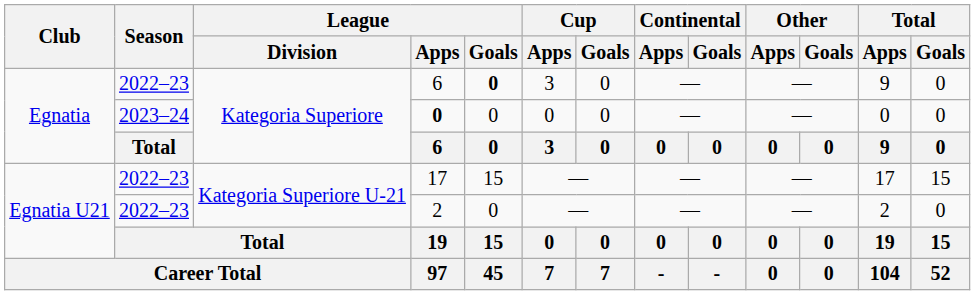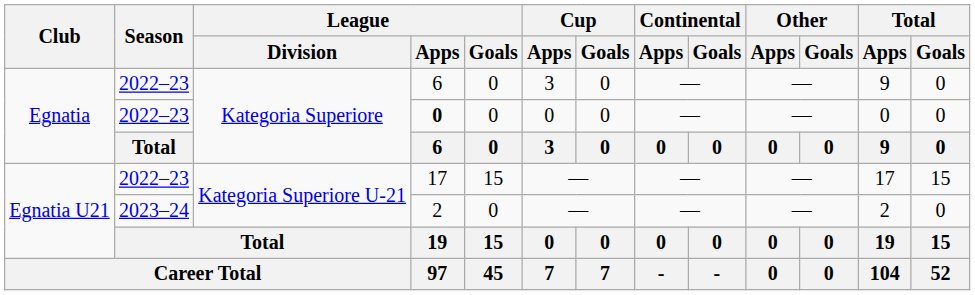 <table class="wikitable" style="text-align:center">
 <tr>
 <th rowspan="2">Club</th>
 <th rowspan="2">Season</th>
 <th colspan="3">League</th>
 <th colspan="2">Cup</th>
 <th colspan="2">Continental</th>
 <th colspan="2">Other</th>
 <th colspan="2">Total</th>
 </tr>
 <tr>
 <th>Division</th>
 <th>Apps</th>
 <th>Goals</th>
 <th>Apps</th>
 <th>Goals</th>
 <th>Apps</th>
 <th>Goals</th>
 <th>Apps</th>
 <th>Goals</th>
 <th>Apps</th>
 <th>Goals</th>
 </tr>
 <tr>
 <td rowspan="3"><a href='#'>Egnatia</a></td>
 <td><a href='#'>2022–23</a></td>
 <td rowspan="3"><a href='#'>Kategoria Superiore</a></td>
 <td>6</td>
-<td><strong>0</strong></td>
+<td>0</td>
 <td>3</td>
 <td>0</td>
 <td colspan="2">—</td>
 <td colspan="2">—</td>
 <td>9</td>
 <td>0</td>
 </tr>
 <tr>
-<td><a href='#'>2023–24</a></td>
+<td><a href='#'>2022–23</a></td>
 <td><strong>0</strong></td>
 <td>0</td>
 <td>0</td>
 <td>0</td>
 <td colspan="2">—</td>
 <td colspan="2">—</td>
 <td>0</td>
 <td>0</td>
 </tr>
 <tr>
 <th>Total</th>
 <th>6</th>
 <th>0</th>
 <th>3</th>
 <th>0</th>
 <th>0</th>
 <th>0</th>
 <th>0</th>
 <th>0</th>
 <th>9</th>
 <th>0</th>
 </tr>
 <tr>
 <td rowspan="3"><a href='#'>Egnatia U21</a></td>
 <td><a href='#'>2022–23</a></td>
 <td rowspan="2"><a href='#'>Kategoria Superiore U-21</a></td>
 <td>17</td>
 <td>15</td>
 <td colspan="2">—</td>
 <td colspan="2">—</td>
 <td colspan="2">—</td>
 <td>17</td>
 <td>15</td>
 </tr>
 <tr>
-<td><a href='#'>2022–23</a></td>
+<td><a href='#'>2023–24</a></td>
 <td>2</td>
 <td>0</td>
 <td colspan="2">—</td>
 <td colspan="2">—</td>
 <td colspan="2">—</td>
 <td>2</td>
 <td>0</td>
 </tr>
 <tr>
 <th colspan="2">Total</th>
 <th>19</th>
 <th>15</th>
 <th>0</th>
 <th>0</th>
 <th>0</th>
 <th>0</th>
 <th>0</th>
 <th>0</th>
 <th>19</th>
 <th>15</th>
 </tr>
 <tr>
 <th colspan="3">Career Total</th>
 <th>97</th>
 <th>45</th>
 <th>7</th>
 <th>7</th>
 <th>-</th>
 <th>-</th>
 <th>0</th>
 <th>0</th>
 <th>104</th>
 <th>52</th>
 </tr>
 </table>
